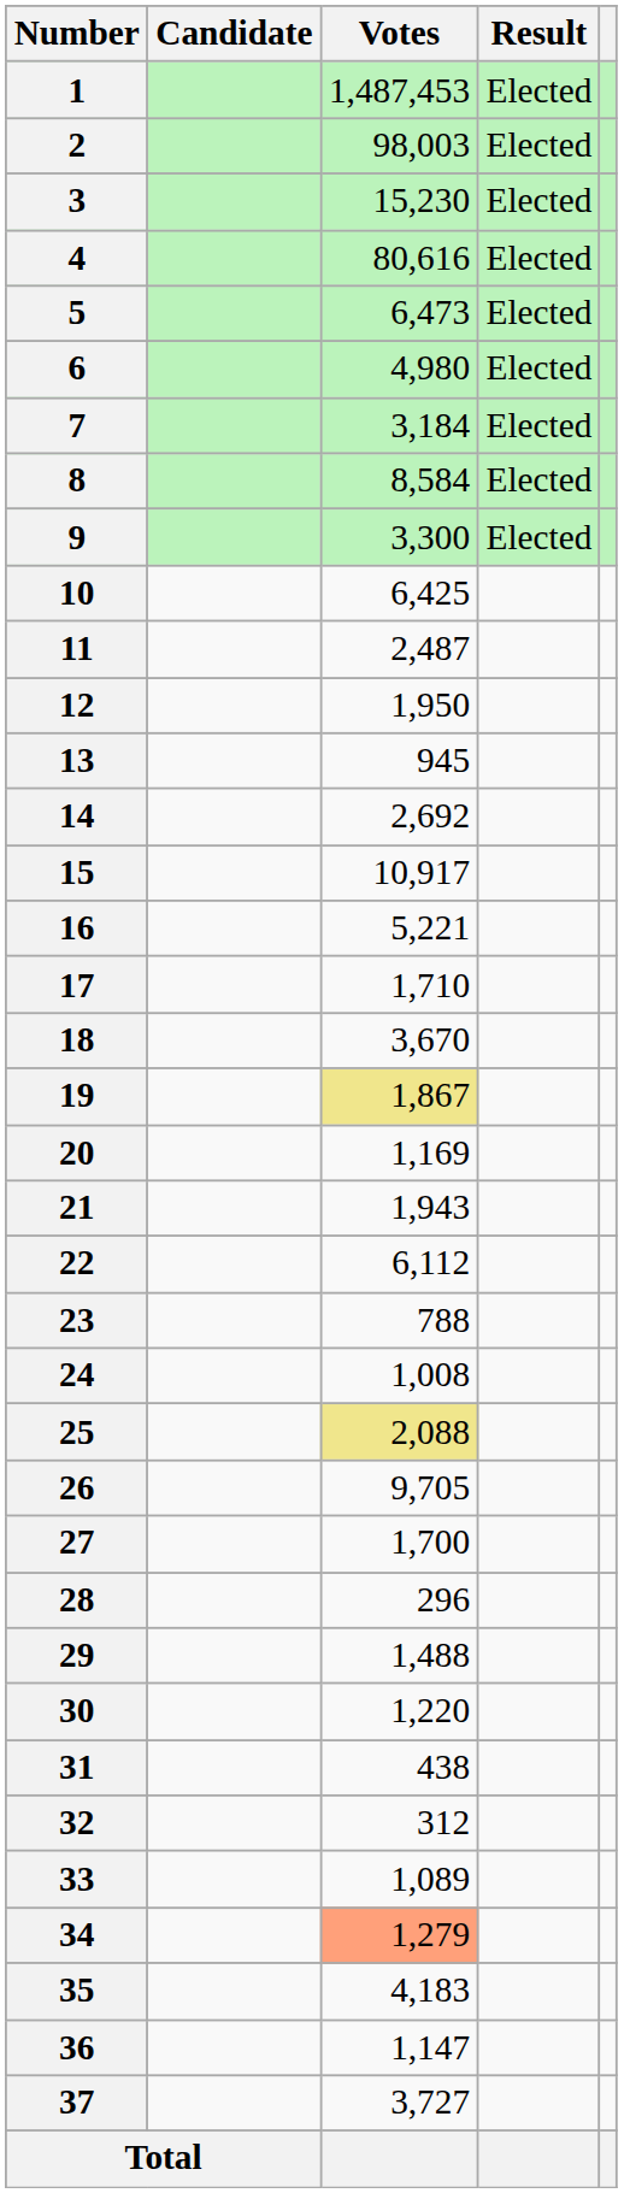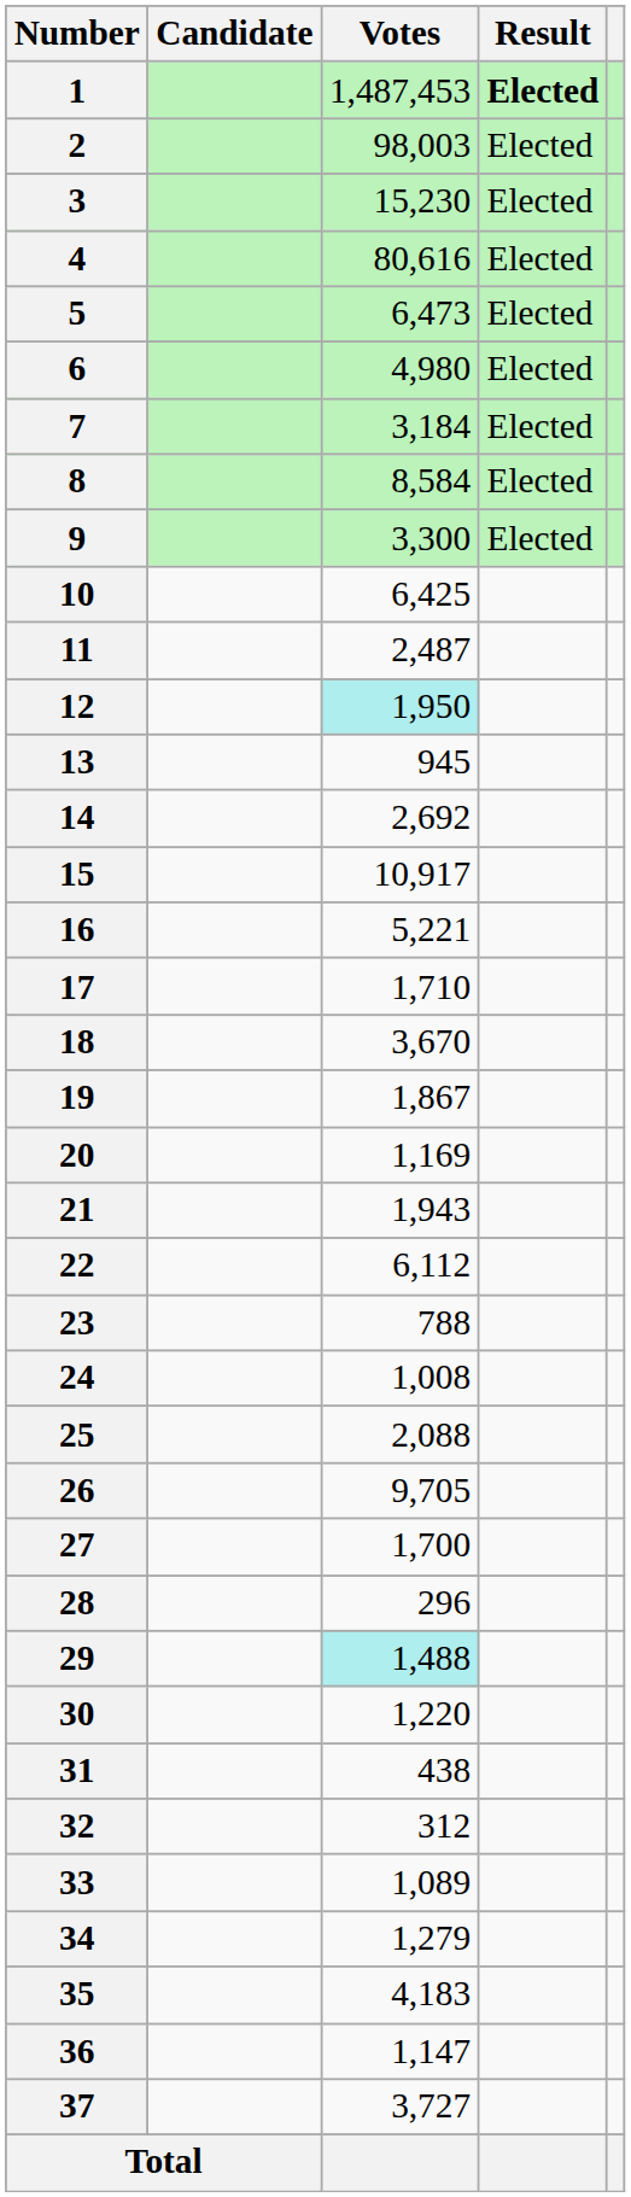 <table class="wikitable sortable">
 <tr>
 <th scope="col">Number</th>
 <th scope="col">Candidate</th>
 <th scope="col">Votes</th>
 <th scope="col">Result</th>
 <th scope="col" class="unsortable"></th>
 </tr>
 <tr bgcolor=bbf3bb>
 <th scope="row">1</th>
 <td></td>
 <td style="text-align:right">1,487,453</td>
-<td>Elected</td>
+<td><strong>Elected</strong></td>
 <td></td>
 </tr>
 <tr bgcolor=bbf3bb>
 <th scope="row">2</th>
 <td></td>
 <td style="text-align:right">98,003</td>
 <td>Elected</td>
 <td></td>
 </tr>
 <tr bgcolor=bbf3bb>
 <th scope="row">3</th>
 <td></td>
 <td style="text-align:right">15,230</td>
 <td>Elected</td>
 <td></td>
 </tr>
 <tr bgcolor=bbf3bb>
 <th scope="row">4</th>
 <td></td>
 <td style="text-align:right">80,616</td>
 <td>Elected</td>
 <td></td>
 </tr>
 <tr bgcolor=bbf3bb>
 <th scope="row">5</th>
 <td></td>
 <td style="text-align:right">6,473</td>
 <td>Elected</td>
 <td></td>
 </tr>
 <tr bgcolor=bbf3bb>
 <th scope="row">6</th>
 <td></td>
 <td style="text-align:right">4,980</td>
 <td>Elected</td>
 <td></td>
 </tr>
 <tr bgcolor=bbf3bb>
 <th scope="row">7</th>
 <td></td>
 <td style="text-align:right">3,184</td>
 <td>Elected</td>
 <td></td>
 </tr>
 <tr bgcolor=bbf3bb>
 <th scope="row">8</th>
 <td></td>
 <td style="text-align:right">8,584</td>
 <td>Elected</td>
 <td></td>
 </tr>
 <tr bgcolor=bbf3bb>
 <th scope="row">9</th>
 <td></td>
 <td style="text-align:right">3,300</td>
 <td>Elected</td>
 <td></td>
 </tr>
 <tr>
 <th scope="row">10</th>
 <td></td>
 <td style="text-align:right">6,425</td>
 <td></td>
 <td></td>
 </tr>
 <tr>
 <th scope="row">11</th>
 <td></td>
 <td style="text-align:right">2,487</td>
 <td></td>
 <td></td>
 </tr>
 <tr>
 <th scope="row">12</th>
 <td></td>
-<td style="text-align:right">1,950</td>
+<td style="background: paleturquoise; text-align:right">1,950</td>
 <td></td>
 <td></td>
 </tr>
 <tr>
 <th scope="row">13</th>
 <td></td>
 <td style="text-align:right">945</td>
 <td></td>
 <td></td>
 </tr>
 <tr>
 <th scope="row">14</th>
 <td></td>
 <td style="text-align:right">2,692</td>
 <td></td>
 <td></td>
 </tr>
 <tr>
 <th scope="row">15</th>
 <td></td>
 <td style="text-align:right">10,917</td>
 <td></td>
 <td></td>
 </tr>
 <tr>
 <th scope="row">16</th>
 <td></td>
 <td style="text-align:right">5,221</td>
 <td></td>
 <td></td>
 </tr>
 <tr>
 <th scope="row">17</th>
 <td></td>
 <td style="text-align:right">1,710</td>
 <td></td>
 <td></td>
 </tr>
 <tr>
 <th scope="row">18</th>
 <td></td>
 <td style="text-align:right">3,670</td>
 <td></td>
 <td></td>
 </tr>
 <tr>
 <th scope="row">19</th>
 <td></td>
-<td style="background: khaki; text-align:right">1,867</td>
+<td style="text-align:right">1,867</td>
 <td></td>
 <td></td>
 </tr>
 <tr>
 <th scope="row">20</th>
 <td></td>
 <td style="text-align:right">1,169</td>
 <td></td>
 <td></td>
 </tr>
 <tr>
 <th scope="row">21</th>
 <td></td>
 <td style="text-align:right">1,943</td>
 <td></td>
 <td></td>
 </tr>
 <tr>
 <th scope="row">22</th>
 <td></td>
 <td style="text-align:right">6,112</td>
 <td></td>
 <td></td>
 </tr>
 <tr>
 <th scope="row">23</th>
 <td></td>
 <td style="text-align:right">788</td>
 <td></td>
 <td></td>
 </tr>
 <tr>
 <th scope="row">24</th>
 <td></td>
 <td style="text-align:right">1,008</td>
 <td></td>
 <td></td>
 </tr>
 <tr>
 <th scope="row">25</th>
 <td></td>
-<td style="background: khaki; text-align:right">2,088</td>
+<td style="text-align:right">2,088</td>
 <td></td>
 <td></td>
 </tr>
 <tr>
 <th scope="row">26</th>
 <td></td>
 <td style="text-align:right">9,705</td>
 <td></td>
 <td></td>
 </tr>
 <tr>
 <th scope="row">27</th>
 <td></td>
 <td style="text-align:right">1,700</td>
 <td></td>
 <td></td>
 </tr>
 <tr>
 <th scope="row">28</th>
 <td></td>
 <td style="text-align:right">296</td>
 <td></td>
 <td></td>
 </tr>
 <tr>
 <th scope="row">29</th>
 <td></td>
-<td style="text-align:right">1,488</td>
+<td style="background: paleturquoise; text-align:right">1,488</td>
 <td></td>
 <td></td>
 </tr>
 <tr>
 <th scope="row">30</th>
 <td></td>
 <td style="text-align:right">1,220</td>
 <td></td>
 <td></td>
 </tr>
 <tr>
 <th scope="row">31</th>
 <td></td>
 <td style="text-align:right">438</td>
 <td></td>
 <td></td>
 </tr>
 <tr>
 <th scope="row">32</th>
 <td></td>
 <td style="text-align:right">312</td>
 <td></td>
 <td></td>
 </tr>
 <tr>
 <th scope="row">33</th>
 <td></td>
 <td style="text-align:right">1,089</td>
 <td></td>
 <td></td>
 </tr>
 <tr>
 <th scope="row">34</th>
 <td></td>
-<td style="background: lightsalmon; text-align:right">1,279</td>
+<td style="text-align:right">1,279</td>
 <td></td>
 <td></td>
 </tr>
 <tr>
 <th scope="row">35</th>
 <td></td>
 <td style="text-align:right">4,183</td>
 <td></td>
 <td></td>
 </tr>
 <tr>
 <th scope="row">36</th>
 <td></td>
 <td style="text-align:right">1,147</td>
 <td></td>
 <td></td>
 </tr>
 <tr>
 <th scope="row">37</th>
 <td></td>
 <td style="text-align:right">3,727</td>
 <td></td>
 <td></td>
 </tr>
 <tr class="sortbottom">
 <th scope="row" colspan="2">Total</th>
 <th style="text-align:right"></th>
 <th></th>
 <th></th>
 </tr>
 </table>
